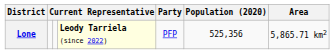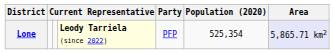 <table class="wikitable sortable" style="margin: 1em auto; font-size:100%; line-height:20px; text-align:center">
 <tr>
 <th>District</th>
 <th colspan="3">Current Representative</th>
 <th>Party</th>
 <th>Population (2020)</th>
 <th>Area</th>
 </tr>
 <tr>
 <th><a href='#'>Lone</a></th>
 <td style="background:"></td>
 <td></td>
 <td style="background: lightyellow; text-align:left;"><strong>Leody Tarriela</strong><br><small>(since <a href='#'>2022</a>)</small></td>
 <td><a href='#'>PFP</a></td>
-<td>525,356</td>
-<td>5,865.71 km<sup>2</sup></td>
+<td>525,354</td>
+<td style="background: lavender;">5,865.71 km<sup>2</sup></td>
 </tr>
 </table>
